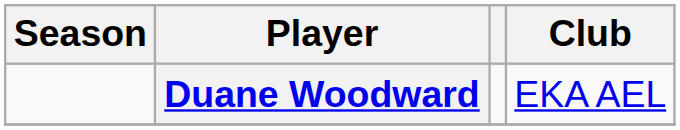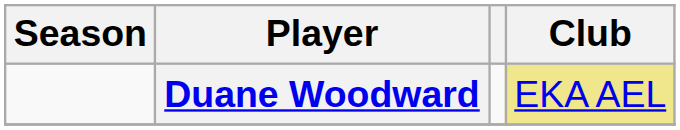 <table class="wikitable plainrowheaders sortable" summary="Season (sortable), Player (sortable), Position (sortable), Team (sortable), and References">
 <tr>
 <th scope="col">Season</th>
 <th scope="col">Player</th>
 <th scope="col"></th>
 <th scope="col">Club</th>
 </tr>
 <tr>
 <td></td>
 <th scope="row"> <a href='#'>Duane Woodward</a></th>
 <td></td>
-<td><a href='#'>EKA AEL</a></td>
+<td style="background: khaki;"><a href='#'>EKA AEL</a></td>
 </tr>
 <tr>
 </tr>
 </table>
